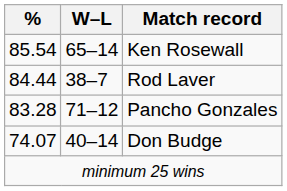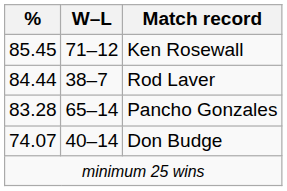 <table class=wikitable style="display:inline-table;">
 <tr>
 <th>%</th>
 <th>W–L</th>
 <th>Match record</th>
 </tr>
 <tr>
-<td>85.54</td>
-<td>65–14</td>
+<td>85.45</td>
+<td>71–12</td>
 <td> Ken Rosewall</td>
 </tr>
 <tr>
 <td>84.44</td>
 <td>38–7</td>
 <td> Rod Laver</td>
 </tr>
 <tr>
 <td>83.28</td>
-<td>71–12</td>
+<td>65–14</td>
 <td> Pancho Gonzales</td>
 </tr>
 <tr>
 <td>74.07</td>
 <td>40–14</td>
 <td> Don Budge</td>
 </tr>
 <tr>
 <td colspan="3" style="text-align: center;"><small><em>minimum 25 wins</em></small></td>
 </tr>
 </table>
